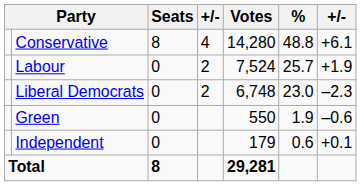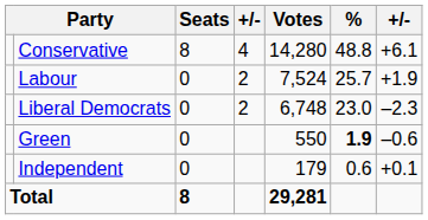 <table class="wikitable sortable">
 <tr>
 <th colspan="2">Party</th>
 <th>Seats</th>
 <th>+/-</th>
 <th>Votes</th>
 <th>%</th>
 <th>+/-</th>
 </tr>
 <tr>
 <td style="background-color: "></td>
 <td><a href='#'>Conservative</a></td>
 <td>8</td>
 <td> 4</td>
 <td style="text-align:right;">14,280</td>
 <td style="text-align:right;">48.8</td>
 <td style="text-align:right;">+6.1</td>
 </tr>
 <tr>
 <td style="background-color: "></td>
 <td><a href='#'>Labour</a></td>
 <td>0</td>
 <td> 2</td>
 <td style="text-align:right;">7,524</td>
 <td style="text-align:right;">25.7</td>
 <td style="text-align:right;">+1.9</td>
 </tr>
 <tr>
 <td style="background-color: "></td>
 <td><a href='#'>Liberal Democrats</a></td>
 <td>0</td>
 <td> 2</td>
 <td style="text-align:right;">6,748</td>
 <td style="text-align:right;">23.0</td>
 <td style="text-align:right;">–2.3</td>
 </tr>
 <tr>
 <td style="background-color: "></td>
 <td><a href='#'>Green</a></td>
 <td>0</td>
 <td></td>
 <td style="text-align:right;">550</td>
-<td style="text-align:right;">1.9</td>
+<td style="text-align:right;"><strong>1.9</strong></td>
 <td style="text-align:right;">–0.6</td>
 </tr>
 <tr>
 <td style="background-color: "></td>
 <td><a href='#'>Independent</a></td>
 <td>0</td>
 <td></td>
 <td style="text-align:right;">179</td>
 <td style="text-align:right;">0.6</td>
 <td style="text-align:right;">+0.1</td>
 </tr>
 <tr>
 <td colspan="2"><strong>Total</strong></td>
 <td><strong>8</strong></td>
 <td></td>
 <td style="text-align:right;"><strong>29,281</strong></td>
 <td style="text-align:right;"></td>
 <td style="text-align:right;"></td>
 </tr>
 </table>
